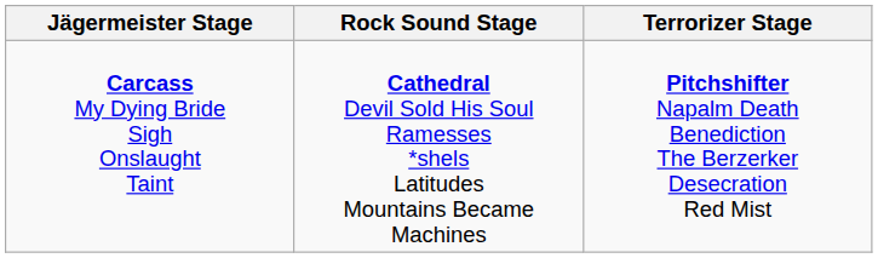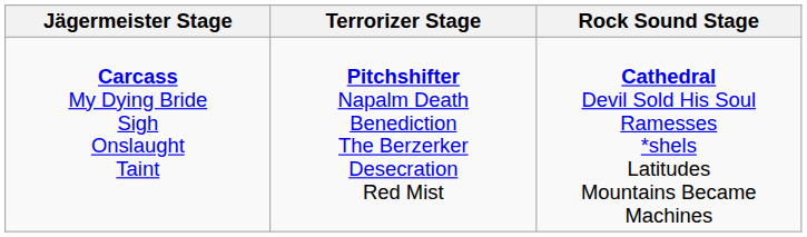 <table class="wikitable">
 <tr>
 <th>Jägermeister Stage</th>
+<th>Terrorizer Stage</th>
 <th>Rock Sound Stage</th>
-<th>Terrorizer Stage</th>
 </tr>
 <tr>
 <td valign="top" align="center" width=200><br><strong><a href='#'>Carcass</a></strong> <br><a href='#'>My Dying Bride</a> <br><a href='#'>Sigh</a> <br><a href='#'>Onslaught</a> <br><a href='#'>Taint</a></td>
+<td valign="top" align="center" width=200><br><strong><a href='#'>Pitchshifter</a></strong> <br><a href='#'>Napalm Death</a> <br><a href='#'>Benediction</a> <br><a href='#'>The Berzerker</a> <br><a href='#'>Desecration</a> <br>Red Mist</td>
 <td valign="top" align="center" width=200><br><strong><a href='#'>Cathedral</a></strong> <br><a href='#'>Devil Sold His Soul</a> <br><a href='#'>Ramesses</a> <br><a href='#'>*shels</a> <br>Latitudes <br>Mountains Became Machines</td>
-<td valign="top" align="center" width=200><br><strong><a href='#'>Pitchshifter</a></strong> <br><a href='#'>Napalm Death</a> <br><a href='#'>Benediction</a> <br><a href='#'>The Berzerker</a> <br><a href='#'>Desecration</a> <br>Red Mist</td>
 </tr>
 </table>
